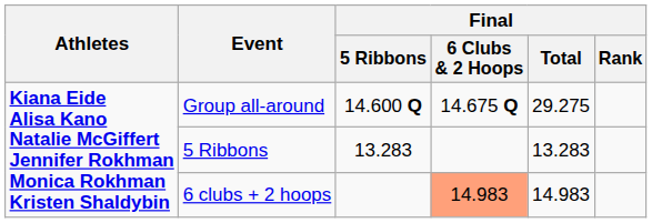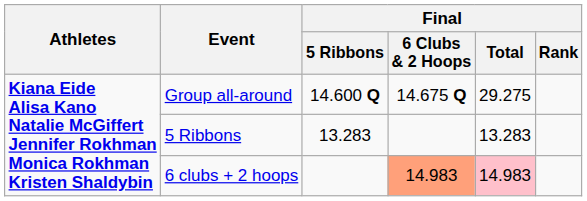 <table class="wikitable" style="font-size:90%">
 <tr>
 <th rowspan="2">Athletes</th>
 <th rowspan="2">Event</th>
 <th colspan="4">Final</th>
 </tr>
 <tr style="font-size:95%">
 <th>5 Ribbons</th>
 <th>6 Clubs<br>& 2 Hoops</th>
 <th>Total</th>
 <th>Rank</th>
 </tr>
 <tr align=center>
 <td align=left rowspan=3><strong><a href='#'>Kiana Eide</a><br><a href='#'>Alisa Kano</a><br><a href='#'>Natalie McGiffert</a><br><a href='#'>Jennifer Rokhman</a><br><a href='#'>Monica Rokhman</a><br><a href='#'>Kristen Shaldybin</a></strong></td>
 <td align=left><a href='#'>Group all-around</a></td>
 <td>14.600 <strong>Q</strong></td>
 <td>14.675 <strong>Q</strong></td>
 <td>29.275</td>
 <td></td>
 </tr>
 <tr align=center>
 <td align=left><a href='#'>5 Ribbons</a></td>
 <td>13.283</td>
 <td></td>
 <td>13.283</td>
 <td></td>
 </tr>
 <tr align=center>
 <td align=left><a href='#'>6 clubs + 2 hoops</a></td>
 <td></td>
 <td style="background: lightsalmon;">14.983</td>
-<td>14.983</td>
+<td style="background: pink;">14.983</td>
 <td></td>
 </tr>
 </table>
